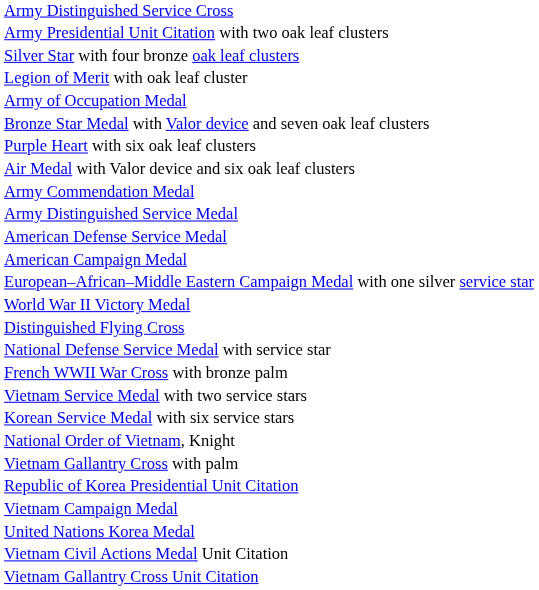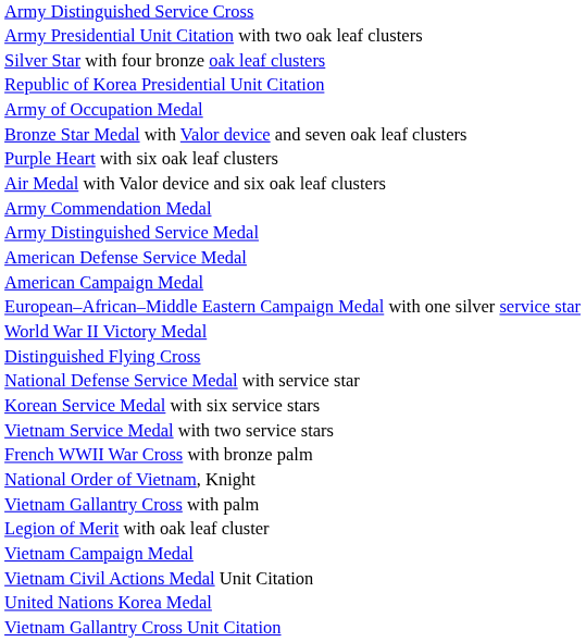 <table>
 <tr>
 <td> <a href='#'>Army Distinguished Service Cross</a></td>
 </tr>
 <tr>
 <td><span></span><span></span> <a href='#'>Army Presidential Unit Citation</a> with two oak leaf clusters</td>
 </tr>
 <tr>
 <td><span></span><span></span><span></span><span></span> <a href='#'>Silver Star</a> with four bronze <a href='#'>oak leaf clusters</a></td>
 </tr>
 <tr>
-<td> <a href='#'>Legion of Merit</a> with oak leaf cluster</td>
+<td> <a href='#'>Republic of Korea Presidential Unit Citation</a></td>
 </tr>
 <tr>
 <td> <a href='#'>Army of Occupation Medal</a></td>
 </tr>
 <tr>
 <td><span></span><span></span><span></span><span></span> <a href='#'>Bronze Star Medal</a> with <a href='#'>Valor device</a> and seven oak leaf clusters</td>
 </tr>
 <tr>
 <td><span></span><span></span> <a href='#'>Purple Heart</a> with six oak leaf clusters</td>
 </tr>
 <tr>
 <td><span></span><span></span><span></span> <a href='#'>Air Medal</a> with Valor device and six oak leaf clusters</td>
 </tr>
 <tr>
 <td> <a href='#'>Army Commendation Medal</a></td>
 </tr>
 <tr>
 <td> <a href='#'>Army Distinguished Service Medal</a></td>
 </tr>
 <tr>
 <td> <a href='#'>American Defense Service Medal</a></td>
 </tr>
 <tr>
 <td> <a href='#'>American Campaign Medal</a></td>
 </tr>
 <tr>
 <td> <a href='#'>European–African–Middle Eastern Campaign Medal</a> with one silver <a href='#'>service star</a></td>
 </tr>
 <tr>
 <td> <a href='#'>World War II Victory Medal</a></td>
 </tr>
 <tr>
 <td> <a href='#'>Distinguished Flying Cross</a></td>
 </tr>
 <tr>
 <td> <a href='#'>National Defense Service Medal</a> with service star</td>
 </tr>
 <tr>
-<td> <a href='#'>French WWII War Cross</a> with bronze palm</td>
+<td><span></span><span></span> <a href='#'>Korean Service Medal</a> with six service stars</td>
 </tr>
 <tr>
 <td><span></span><span></span> <a href='#'>Vietnam Service Medal</a> with two service stars</td>
 </tr>
 <tr>
-<td><span></span><span></span> <a href='#'>Korean Service Medal</a> with six service stars</td>
+<td> <a href='#'>French WWII War Cross</a> with bronze palm</td>
 </tr>
 <tr>
 <td> <a href='#'>National Order of Vietnam</a>, Knight</td>
 </tr>
 <tr>
 <td> <a href='#'>Vietnam Gallantry Cross</a> with palm</td>
 </tr>
 <tr>
-<td> <a href='#'>Republic of Korea Presidential Unit Citation</a></td>
+<td> <a href='#'>Legion of Merit</a> with oak leaf cluster</td>
 </tr>
 <tr>
 <td> <a href='#'>Vietnam Campaign Medal</a></td>
 </tr>
 <tr>
-<td> <a href='#'>United Nations Korea Medal</a></td>
+<td> <a href='#'>Vietnam Civil Actions Medal</a> Unit Citation</td>
 </tr>
 <tr>
-<td> <a href='#'>Vietnam Civil Actions Medal</a> Unit Citation</td>
+<td> <a href='#'>United Nations Korea Medal</a></td>
 </tr>
 <tr>
 <td> <a href='#'>Vietnam Gallantry Cross Unit Citation</a></td>
 </tr>
 </table>
